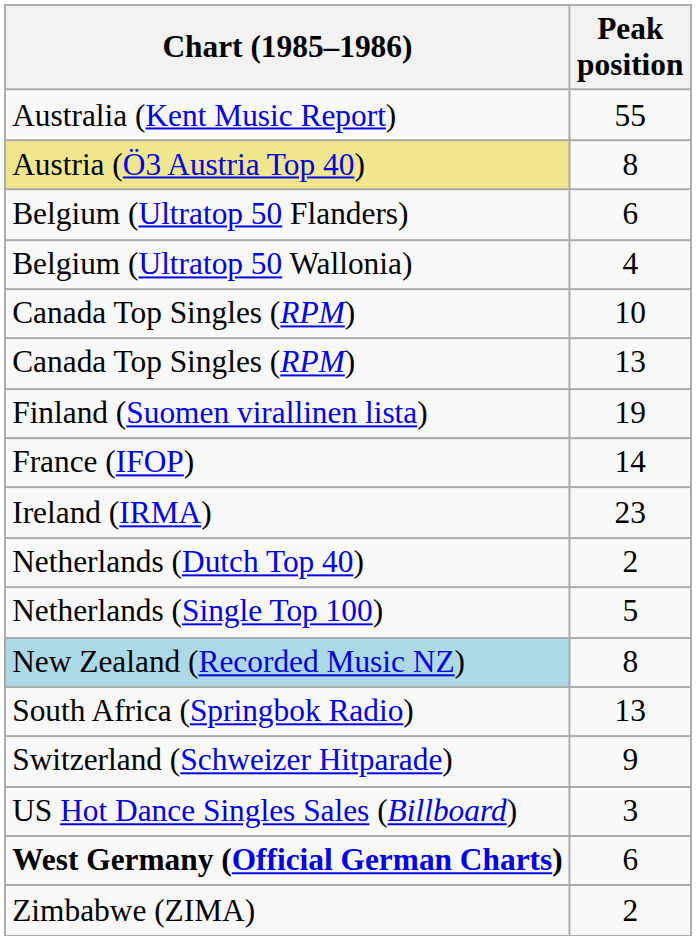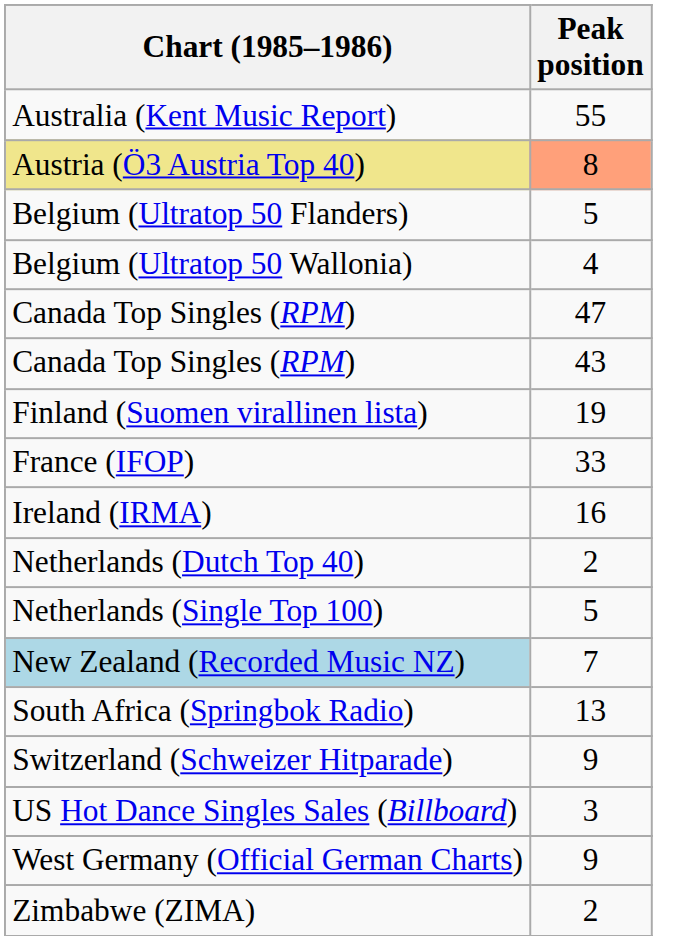 <table class="wikitable sortable">
 <tr>
 <th>Chart (1985–1986)</th>
 <th>Peak<br>position</th>
 </tr>
 <tr>
 <td align="left">Australia (<a href='#'>Kent Music Report</a>)</td>
 <td align="center">55</td>
 </tr>
 <tr>
 <td align="left" style="background: khaki;">Austria (<a href='#'>Ö3 Austria Top 40</a>)</td>
-<td align="center">8</td>
+<td align="center" style="background: lightsalmon;">8</td>
 </tr>
 <tr>
 <td align="left">Belgium (<a href='#'>Ultratop 50</a> Flanders)</td>
-<td align="center">6</td>
+<td align="center">5</td>
 </tr>
 <tr>
 <td align="left">Belgium (<a href='#'>Ultratop 50</a> Wallonia)</td>
 <td align="center">4</td>
 </tr>
 <tr>
 <td align="left">Canada Top Singles (<em><a href='#'>RPM</a></em>)</td>
-<td align="center">10</td>
+<td align="center">47</td>
 </tr>
 <tr>
 <td align="left">Canada Top Singles (<em><a href='#'>RPM</a></em>)</td>
-<td align="center">13</td>
+<td align="center">43</td>
 </tr>
 <tr>
 <td align="left">Finland (<a href='#'>Suomen virallinen lista</a>)</td>
 <td align="center">19</td>
 </tr>
 <tr>
 <td align="left">France (<a href='#'>IFOP</a>)</td>
-<td align="center">14</td>
+<td align="center">33</td>
 </tr>
 <tr>
 <td align="left">Ireland (<a href='#'>IRMA</a>)</td>
-<td align="center">23</td>
+<td align="center">16</td>
 </tr>
 <tr>
 <td align="left">Netherlands (<a href='#'>Dutch Top 40</a>)</td>
 <td align="center">2</td>
 </tr>
 <tr>
 <td align="left">Netherlands (<a href='#'>Single Top 100</a>)</td>
 <td align="center">5</td>
 </tr>
 <tr>
 <td align="left" style="background: lightblue;">New Zealand (<a href='#'>Recorded Music NZ</a>)</td>
-<td align="center">8</td>
+<td align="center">7</td>
 </tr>
 <tr>
 <td align="left">South Africa (<a href='#'>Springbok Radio</a>)</td>
 <td align="center">13</td>
 </tr>
 <tr>
 <td align="left">Switzerland (<a href='#'>Schweizer Hitparade</a>)</td>
 <td align="center">9</td>
 </tr>
 <tr>
 </tr>
 <tr>
 </tr>
 <tr>
 </tr>
 <tr>
 </tr>
 <tr>
 <td align="left">US <a href='#'>Hot Dance Singles Sales</a> (<a href='#'><em>Billboard</em></a>)</td>
 <td align="center">3</td>
 </tr>
 <tr>
 </tr>
 <tr>
-<td align="left"><strong>West Germany (<a href='#'>Official German Charts</a>)</strong></td>
-<td align="center">6</td>
+<td align="left">West Germany (<a href='#'>Official German Charts</a>)</td>
+<td align="center">9</td>
 </tr>
 <tr>
 <td align="left">Zimbabwe (ZIMA)</td>
 <td align="center">2</td>
 </tr>
 <tr>
 </tr>
 </table>
